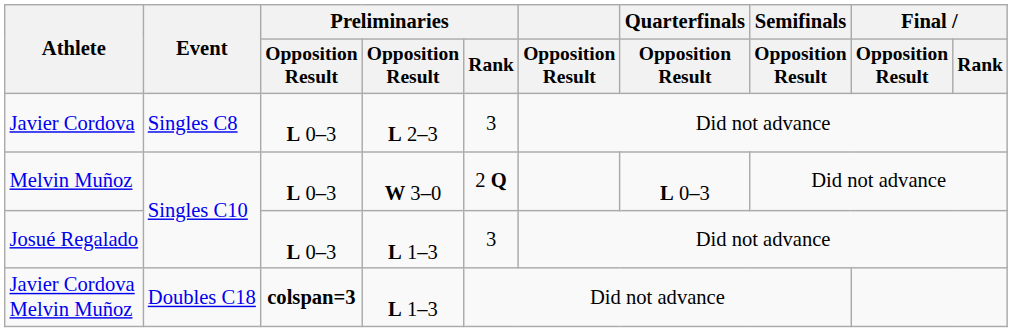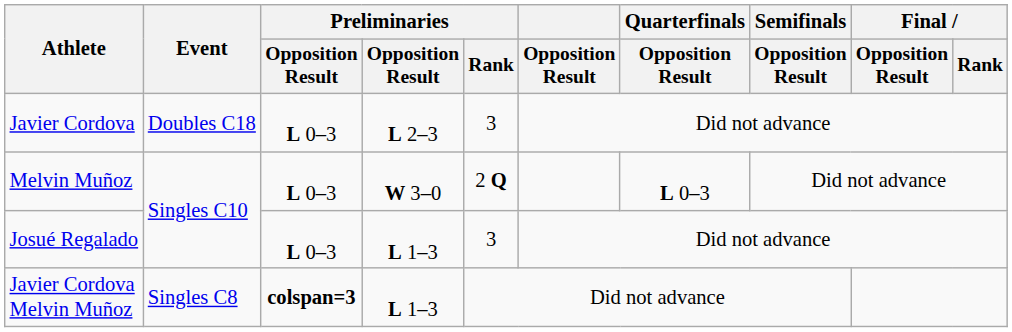 <table class=wikitable style="font-size:90%">
 <tr>
 <th rowspan="2">Athlete</th>
 <th rowspan="2">Event</th>
 <th colspan="3">Preliminaries</th>
 <th></th>
 <th>Quarterfinals</th>
 <th>Semifinals</th>
 <th colspan="2">Final / </th>
 </tr>
 <tr style="font-size:95%">
 <th>Opposition<br>Result</th>
 <th>Opposition<br>Result</th>
 <th>Rank</th>
 <th>Opposition<br>Result</th>
 <th>Opposition<br>Result</th>
 <th>Opposition<br>Result</th>
 <th>Opposition<br>Result</th>
 <th>Rank</th>
 </tr>
 <tr align=center>
 <td align=left><a href='#'>Javier Cordova</a></td>
-<td align=left><a href='#'>Singles C8</a></td>
+<td align=left><a href='#'>Doubles C18</a></td>
 <td><br><strong>L</strong> 0–3</td>
 <td><br><strong>L</strong> 2–3</td>
 <td>3</td>
 <td colspan=5>Did not advance</td>
 </tr>
 <tr align=center>
 <td align=left><a href='#'>Melvin Muñoz</a></td>
 <td align=left rowspan=2><a href='#'>Singles C10</a></td>
 <td><br><strong>L</strong> 0–3</td>
 <td><br><strong>W</strong> 3–0</td>
 <td>2 <strong>Q</strong></td>
 <td></td>
 <td><br><strong>L</strong> 0–3</td>
 <td colspan=3>Did not advance</td>
 </tr>
 <tr align=center>
 <td align=left><a href='#'>Josué Regalado</a></td>
 <td><br><strong>L</strong> 0–3</td>
 <td><br><strong>L</strong> 1–3</td>
 <td>3</td>
 <td colspan=5>Did not advance</td>
 </tr>
 <tr align=center>
 <td align=left><a href='#'>Javier Cordova</a><br><a href='#'>Melvin Muñoz</a></td>
-<td align=left><a href='#'>Doubles C18</a></td>
+<td align=left><a href='#'>Singles C8</a></td>
 <td><strong>colspan=3 </strong></td>
 <td><br><strong>L</strong> 1–3</td>
 <td colspan=4>Did not advance</td>
 </tr>
 </table>
